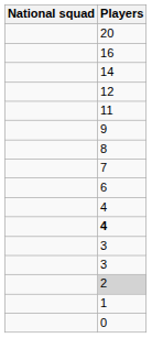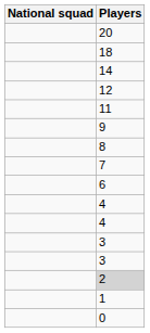 <table class="wikitable sortable">
 <tr>
 <th>National squad</th>
 <th>Players</th>
 </tr>
 <tr>
 <td></td>
 <td>20</td>
 </tr>
 <tr>
 <td></td>
-<td>16</td>
+<td>18</td>
 </tr>
 <tr>
 <td></td>
 <td>14</td>
 </tr>
 <tr>
 <td></td>
 <td>12</td>
 </tr>
 <tr>
 <td></td>
 <td>11</td>
 </tr>
 <tr>
 <td></td>
 <td>9</td>
 </tr>
 <tr>
 <td></td>
 <td>8</td>
 </tr>
 <tr>
 <td></td>
 <td>7</td>
 </tr>
 <tr>
 <td></td>
 <td>6</td>
 </tr>
 <tr>
 <td></td>
 <td>4</td>
 </tr>
 <tr>
 <td></td>
-<td><strong>4</strong></td>
+<td>4</td>
 </tr>
 <tr>
 <td></td>
 <td>3</td>
 </tr>
 <tr>
 <td></td>
 <td>3</td>
 </tr>
 <tr>
 <td></td>
 <td style="background: lightgrey;">2</td>
 </tr>
 <tr>
 <td></td>
 <td>1</td>
 </tr>
 <tr>
 <td></td>
 <td>0</td>
 </tr>
 </table>
